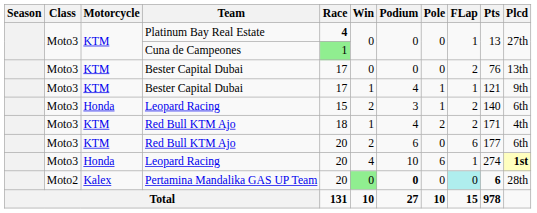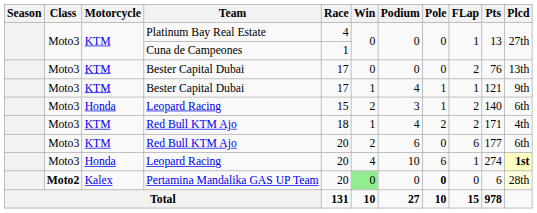 <table class="wikitable" style="text-align:right;">
 <tr>
 <th>Season</th>
 <th>Class</th>
 <th>Motorcycle</th>
 <th>Team</th>
 <th>Race</th>
 <th>Win</th>
 <th>Podium</th>
 <th>Pole</th>
 <th>FLap</th>
 <th>Pts</th>
 <th>Plcd</th>
 </tr>
 <tr>
 <th rowspan="2"></th>
 <td rowspan="2">Moto3</td>
 <td style="text-align:left;" rowspan="2"><a href='#'>KTM</a></td>
 <td style="text-align:left;">Platinum Bay Real Estate</td>
-<td><strong>4</strong></td>
+<td>4</td>
 <td rowspan="2">0</td>
 <td rowspan="2">0</td>
 <td rowspan="2">0</td>
 <td rowspan="2">1</td>
 <td rowspan="2">13</td>
 <td rowspan="2">27th</td>
 </tr>
 <tr>
 <td style="text-align:left;">Cuna de Campeones</td>
-<td style="background: lightgreen;">1</td>
+<td>1</td>
 </tr>
 <tr>
 <th></th>
 <td>Moto3</td>
 <td style="text-align:left;"><a href='#'>KTM</a></td>
 <td style="text-align:left;">Bester Capital Dubai</td>
 <td>17</td>
 <td>0</td>
 <td>0</td>
 <td>0</td>
 <td>2</td>
 <td>76</td>
 <td>13th</td>
 </tr>
 <tr>
 <th></th>
 <td>Moto3</td>
 <td style="text-align:left;"><a href='#'>KTM</a></td>
 <td style="text-align:left;">Bester Capital Dubai</td>
 <td>17</td>
 <td>1</td>
 <td>4</td>
 <td>1</td>
 <td>1</td>
 <td>121</td>
 <td>9th</td>
 </tr>
 <tr>
 <th></th>
 <td>Moto3</td>
 <td style="text-align:left;"><a href='#'>Honda</a></td>
 <td style="text-align:left;"><a href='#'>Leopard Racing</a></td>
 <td>15</td>
 <td>2</td>
 <td>3</td>
 <td>1</td>
 <td>2</td>
 <td>140</td>
 <td>6th</td>
 </tr>
 <tr>
 <th></th>
 <td>Moto3</td>
 <td style="text-align:left;"><a href='#'>KTM</a></td>
 <td style="text-align:left;"><a href='#'>Red Bull KTM Ajo</a></td>
 <td>18</td>
 <td>1</td>
 <td>4</td>
 <td>2</td>
 <td>2</td>
 <td>171</td>
 <td>4th</td>
 </tr>
 <tr>
 <th></th>
 <td>Moto3</td>
 <td style="text-align:left;"><a href='#'>KTM</a></td>
 <td style="text-align:left;"><a href='#'>Red Bull KTM Ajo</a></td>
 <td>20</td>
 <td>2</td>
 <td>6</td>
 <td>0</td>
 <td>6</td>
 <td>177</td>
 <td>6th</td>
 </tr>
 <tr>
 <th></th>
 <td>Moto3</td>
 <td style="text-align:left;"><a href='#'>Honda</a></td>
 <td style="text-align:left;"><a href='#'>Leopard Racing</a></td>
 <td>20</td>
 <td>4</td>
 <td>10</td>
 <td>6</td>
 <td>1</td>
 <td>274</td>
 <td style="background:#FFFFBF;"><strong>1st</strong></td>
 </tr>
 <tr>
 <th></th>
-<td>Moto2</td>
+<td><strong>Moto2</strong></td>
 <td style="text-align:left;"><a href='#'>Kalex</a></td>
 <td style="text-align:left;"><a href='#'>Pertamina Mandalika GAS UP Team</a></td>
 <td>20</td>
 <td style="background: lightgreen;">0</td>
+<td>0</td>
 <td><strong>0</strong></td>
 <td>0</td>
-<td style="background: paleturquoise;">0</td>
-<td><strong>6</strong></td>
-<td>28th</td>
+<td>6</td>
+<td style="background: lightyellow;">28th</td>
 </tr>
 <tr>
 <th colspan="4">Total</th>
 <td><strong>131</strong></td>
 <td><strong>10</strong></td>
 <td><strong>27</strong></td>
 <td><strong>10</strong></td>
 <td><strong>15</strong></td>
 <td><strong>978</strong></td>
 <td></td>
 </tr>
 </table>
